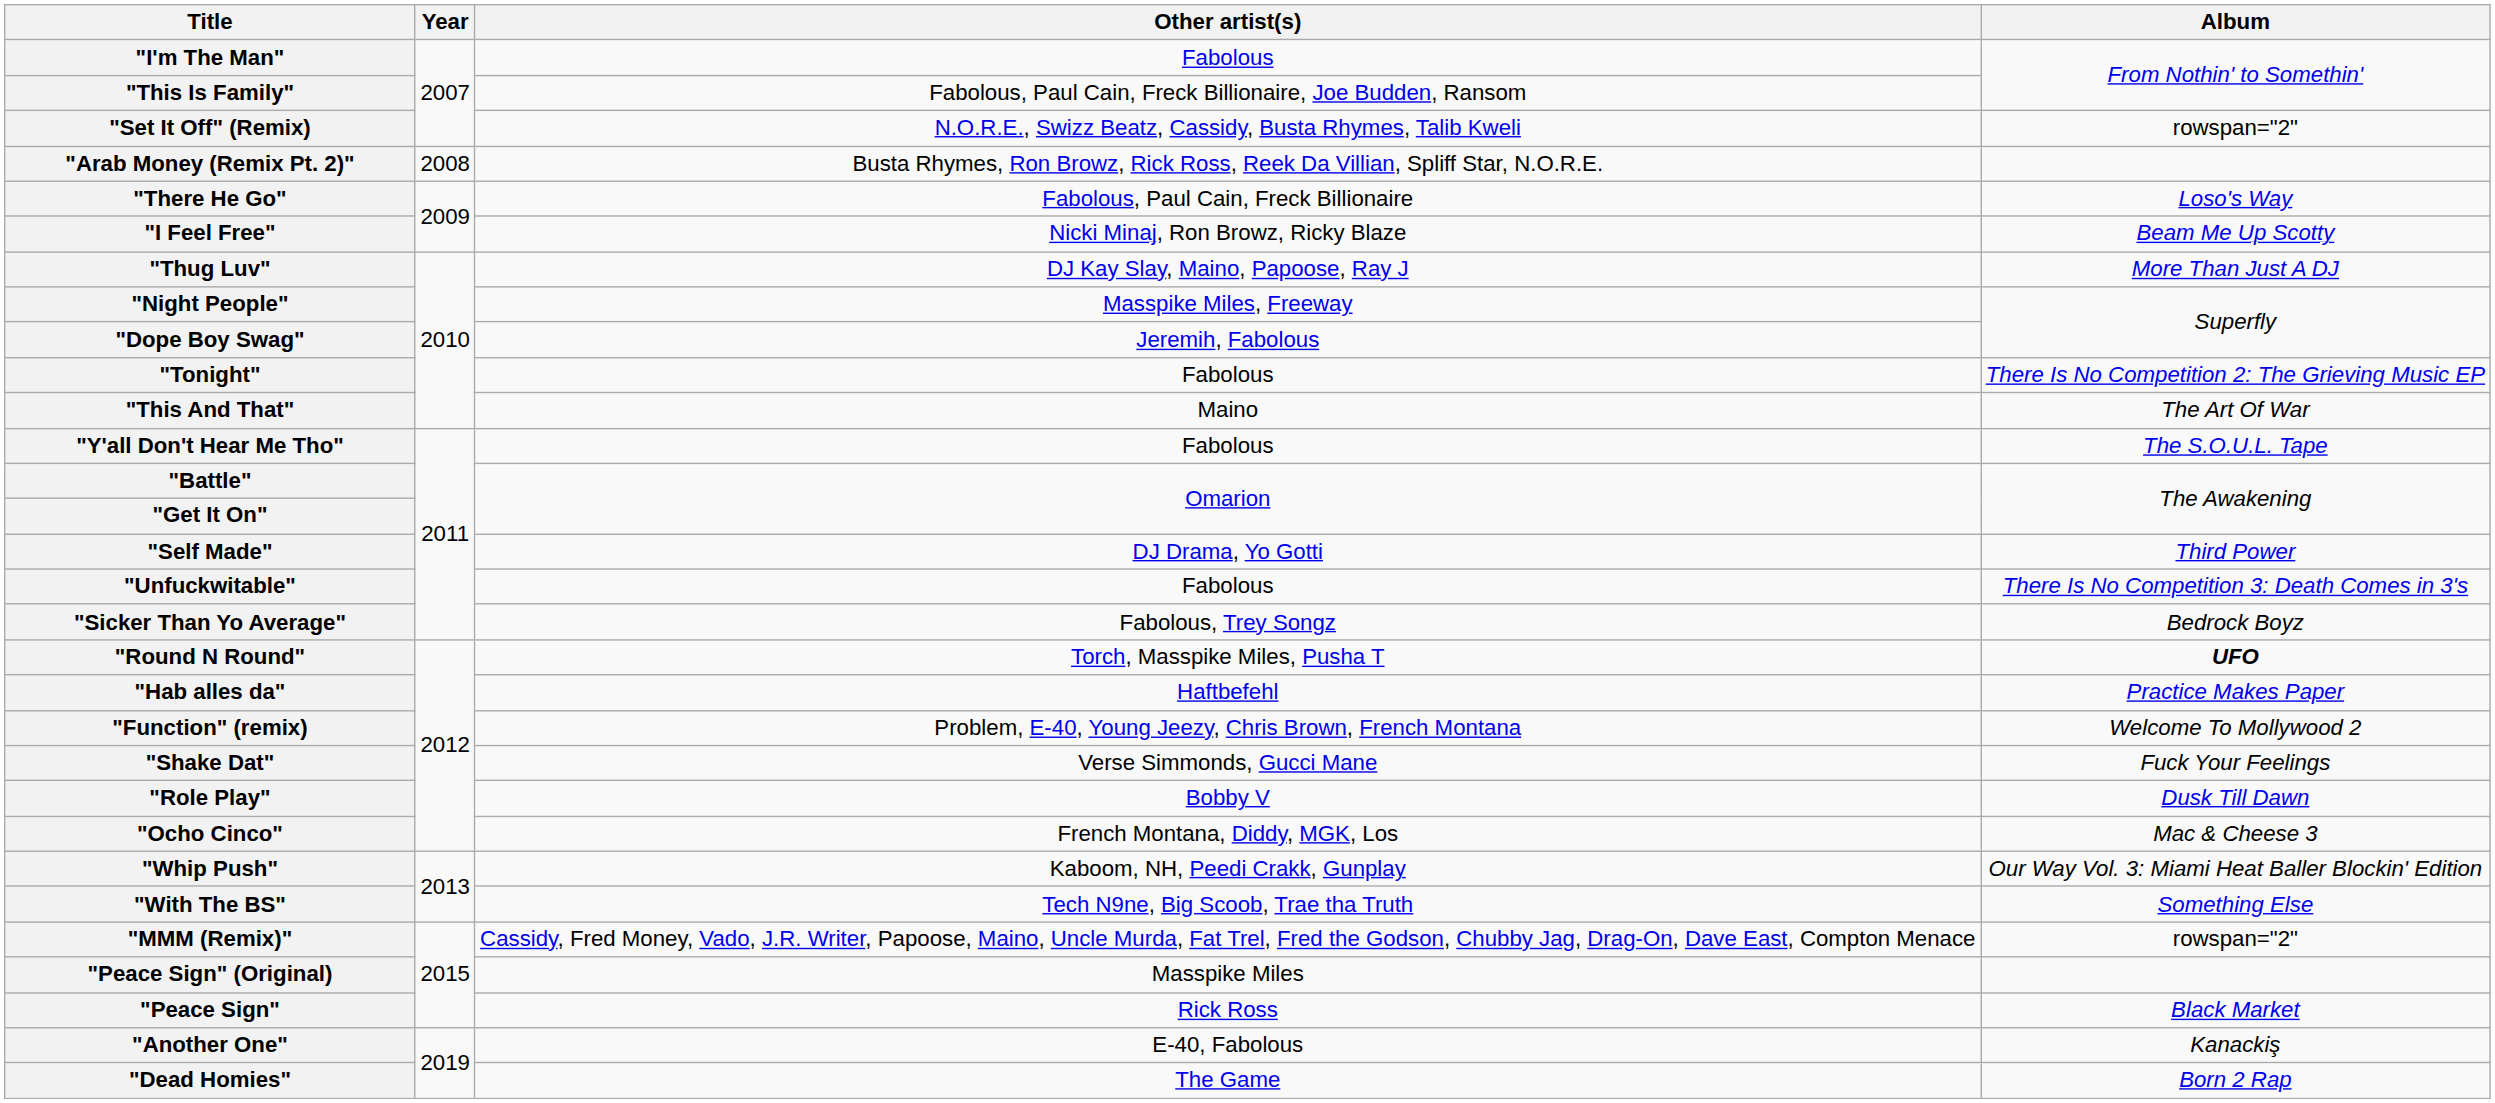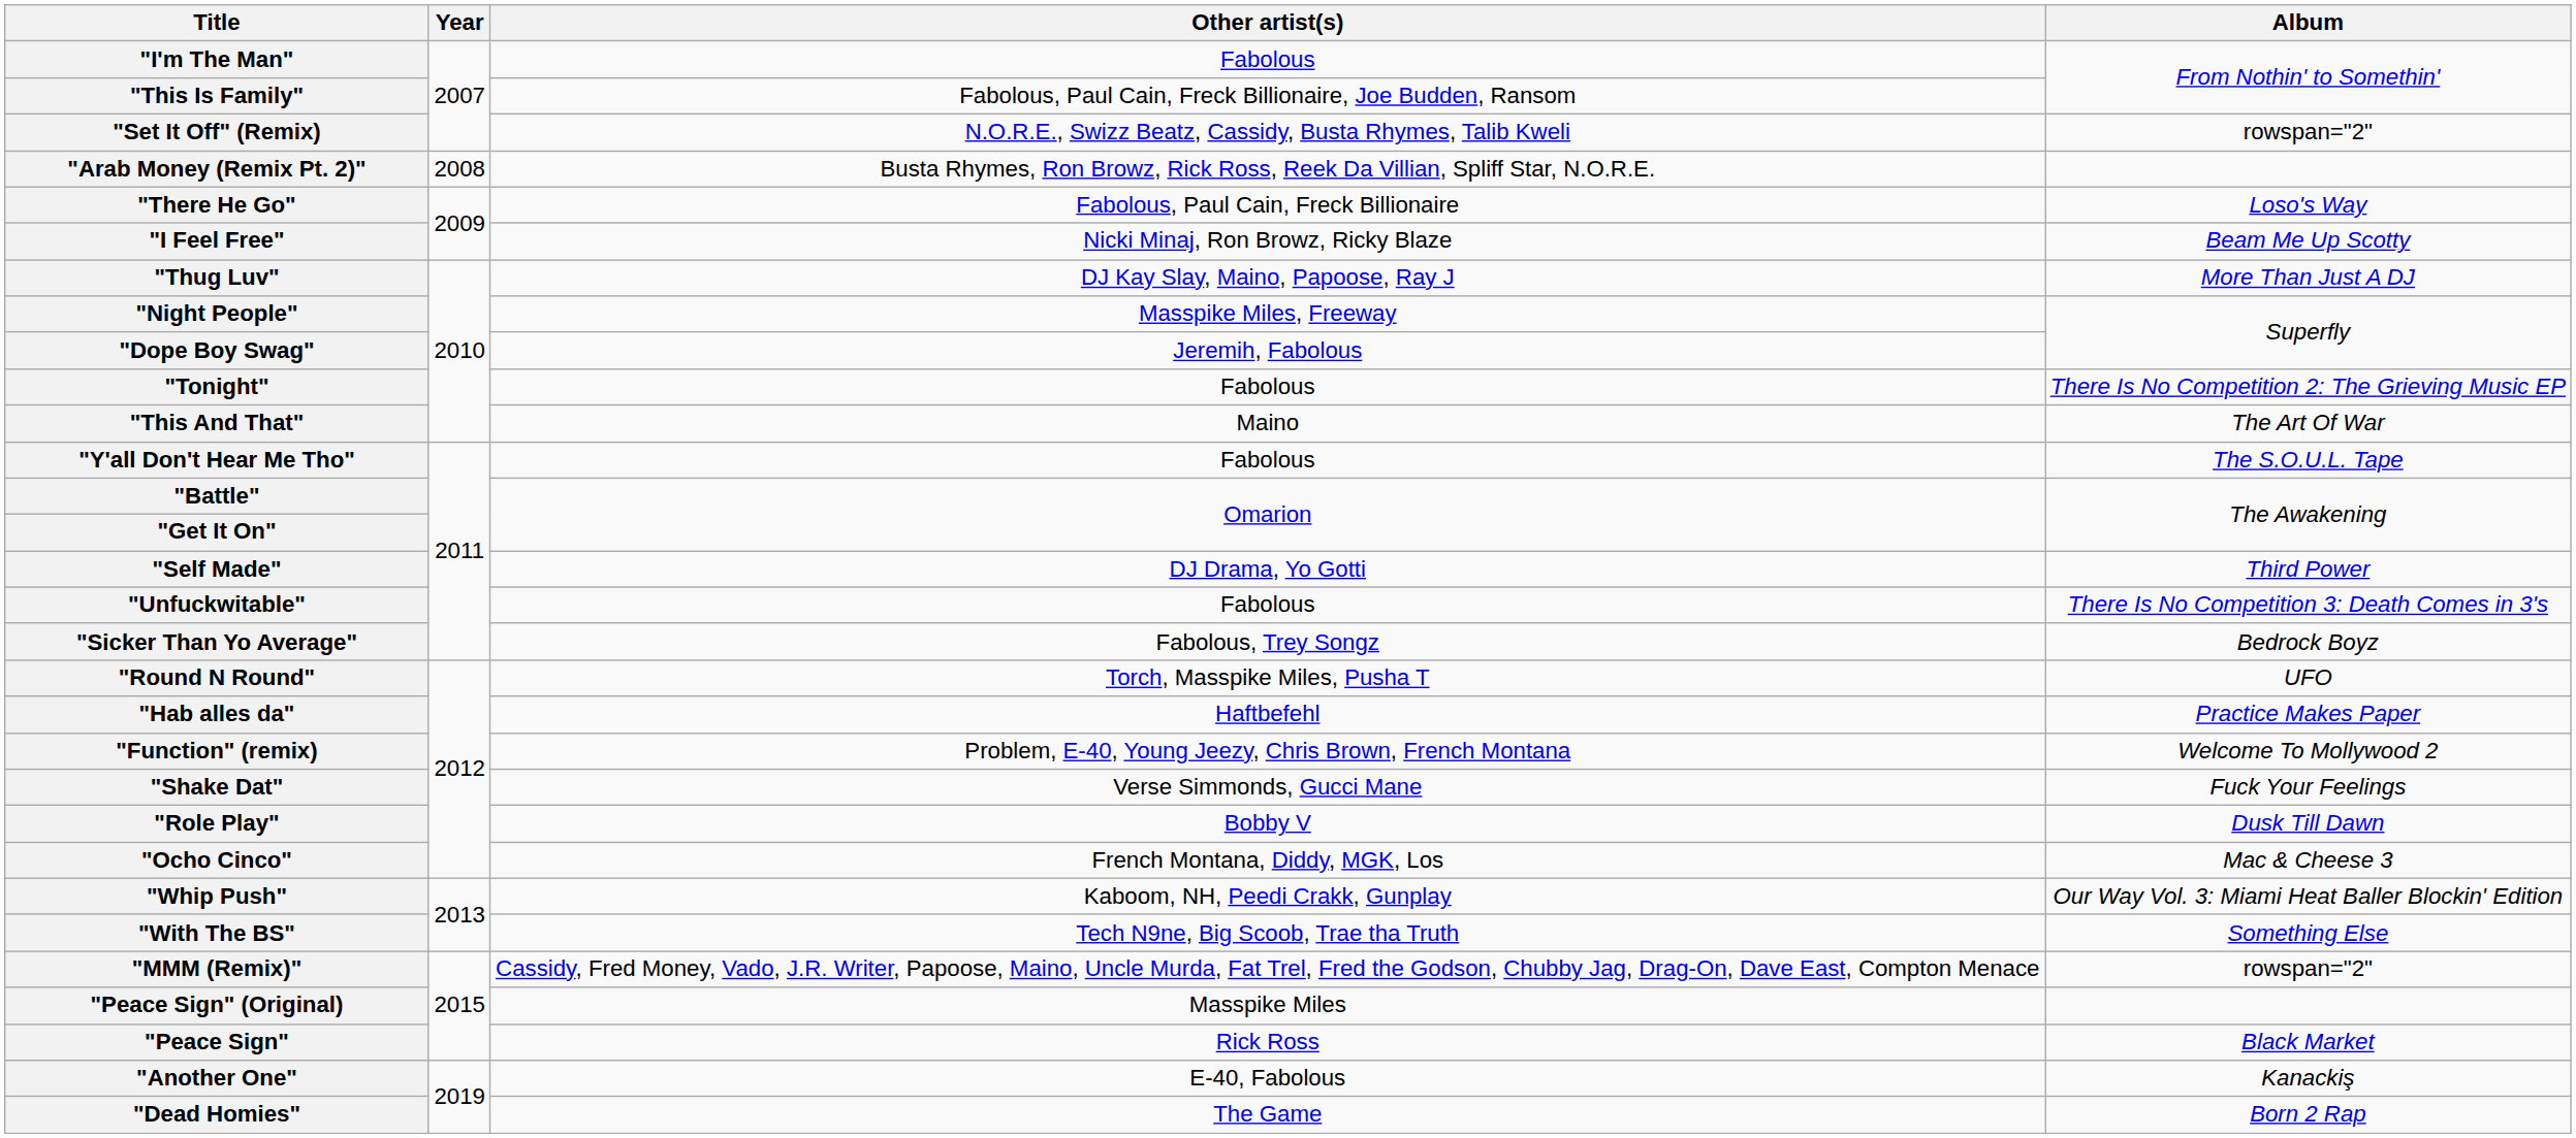 <table class="wikitable plainrowheaders" style="text-align:center;">
 <tr>
 <th scope="col" style="width:18em;">Title</th>
 <th scope="col">Year</th>
 <th scope="col">Other artist(s)</th>
 <th scope="col">Album</th>
 </tr>
 <tr>
 <th scope="row">"I'm The Man"</th>
 <td rowspan="3">2007</td>
 <td><a href='#'>Fabolous</a></td>
 <td rowspan="2"><em><a href='#'>From Nothin' to Somethin'</a></em></td>
 </tr>
 <tr>
 <th scope="row">"This Is Family"</th>
 <td>Fabolous, Paul Cain, Freck Billionaire, <a href='#'>Joe Budden</a>, Ransom</td>
 </tr>
 <tr>
 <th scope="row">"Set It Off" (Remix)</th>
 <td><a href='#'>N.O.R.E.</a>, <a href='#'>Swizz Beatz</a>, <a href='#'>Cassidy</a>, <a href='#'>Busta Rhymes</a>, <a href='#'>Talib Kweli</a></td>
 <td>rowspan="2" </td>
 </tr>
 <tr>
 <th scope="row">"Arab Money (Remix Pt. 2)"</th>
 <td>2008</td>
 <td>Busta Rhymes, <a href='#'>Ron Browz</a>, <a href='#'>Rick Ross</a>, <a href='#'>Reek Da Villian</a>, Spliff Star, N.O.R.E.</td>
 </tr>
 <tr>
 <th scope="row">"There He Go"</th>
 <td rowspan="2">2009</td>
 <td><a href='#'>Fabolous</a>, Paul Cain, Freck Billionaire</td>
 <td><em><a href='#'>Loso's Way</a></em></td>
 </tr>
 <tr>
 <th scope="row">"I Feel Free"</th>
 <td><a href='#'>Nicki Minaj</a>, Ron Browz, Ricky Blaze</td>
 <td><em><a href='#'>Beam Me Up Scotty</a></em></td>
 </tr>
 <tr>
 <th scope="row">"Thug Luv"</th>
 <td rowspan="5">2010</td>
 <td><a href='#'>DJ Kay Slay</a>, <a href='#'>Maino</a>, <a href='#'>Papoose</a>, <a href='#'>Ray J</a></td>
 <td><em><a href='#'>More Than Just A DJ</a></em></td>
 </tr>
 <tr>
 <th scope="row">"Night People"</th>
 <td><a href='#'>Masspike Miles</a>, <a href='#'>Freeway</a></td>
 <td rowspan="2"><em>Superfly</em></td>
 </tr>
 <tr>
 <th scope="row">"Dope Boy Swag"</th>
 <td><a href='#'>Jeremih</a>, <a href='#'>Fabolous</a></td>
 </tr>
 <tr>
 <th scope="row">"Tonight"</th>
 <td>Fabolous</td>
 <td><em><a href='#'>There Is No Competition 2: The Grieving Music EP</a></em></td>
 </tr>
 <tr>
 <th scope="row">"This And That"</th>
 <td>Maino</td>
 <td><em>The Art Of War</em></td>
 </tr>
 <tr>
 <th scope="row">"Y'all Don't Hear Me Tho"</th>
 <td rowspan="6" style="text-align:center;">2011</td>
 <td>Fabolous</td>
 <td><em><a href='#'>The S.O.U.L. Tape</a></em></td>
 </tr>
 <tr>
 <th scope="row">"Battle"</th>
 <td rowspan="2"><a href='#'>Omarion</a></td>
 <td rowspan="2"><em>The Awakening</em></td>
 </tr>
 <tr>
 <th scope="row">"Get It On"</th>
 </tr>
 <tr>
 <th scope="row">"Self Made"</th>
 <td><a href='#'>DJ Drama</a>, <a href='#'>Yo Gotti</a></td>
 <td><em><a href='#'>Third Power</a></em></td>
 </tr>
 <tr>
 <th scope="row">"Unfuckwitable"</th>
 <td>Fabolous</td>
 <td><em><a href='#'>There Is No Competition 3: Death Comes in 3's</a></em></td>
 </tr>
 <tr>
 <th scope="row">"Sicker Than Yo Average"</th>
 <td>Fabolous, <a href='#'>Trey Songz</a></td>
 <td><em>Bedrock Boyz</em></td>
 </tr>
 <tr>
 <th scope="row">"Round N Round"</th>
 <td rowspan="6">2012</td>
 <td><a href='#'>Torch</a>, Masspike Miles, <a href='#'>Pusha T</a></td>
-<td><strong><em>UFO</em></strong></td>
+<td><em>UFO</em></td>
 </tr>
 <tr>
 <th scope="row">"Hab alles da"</th>
 <td><a href='#'>Haftbefehl</a></td>
 <td><em><a href='#'>Practice Makes Paper</a></em></td>
 </tr>
 <tr>
 <th scope="row">"Function" (remix)</th>
 <td>Problem, <a href='#'>E-40</a>, <a href='#'>Young Jeezy</a>, <a href='#'>Chris Brown</a>, <a href='#'>French Montana</a></td>
 <td><em>Welcome To Mollywood 2</em></td>
 </tr>
 <tr>
 <th scope="row">"Shake Dat"</th>
 <td>Verse Simmonds, <a href='#'>Gucci Mane</a></td>
 <td><em>Fuck Your Feelings</em></td>
 </tr>
 <tr>
 <th scope="row">"Role Play"</th>
 <td><a href='#'>Bobby V</a></td>
 <td><em><a href='#'>Dusk Till Dawn</a></em></td>
 </tr>
 <tr>
 <th scope="row">"Ocho Cinco"</th>
 <td>French Montana, <a href='#'>Diddy</a>, <a href='#'>MGK</a>, Los</td>
 <td><em>Mac & Cheese 3</em></td>
 </tr>
 <tr>
 <th scope="row">"Whip Push"</th>
 <td rowspan="2">2013</td>
 <td>Kaboom, NH, <a href='#'>Peedi Crakk</a>, <a href='#'>Gunplay</a></td>
 <td><em>Our Way Vol. 3: Miami Heat Baller Blockin' Edition</em></td>
 </tr>
 <tr>
 <th scope="row">"With The BS"</th>
 <td><a href='#'>Tech N9ne</a>, <a href='#'>Big Scoob</a>, <a href='#'>Trae tha Truth</a></td>
 <td><em><a href='#'>Something Else</a></em></td>
 </tr>
 <tr>
 <th scope="row">"MMM (Remix)"</th>
 <td rowspan="3">2015</td>
 <td><a href='#'>Cassidy</a>, Fred Money, <a href='#'>Vado</a>, <a href='#'>J.R. Writer</a>, Papoose, <a href='#'>Maino</a>, <a href='#'>Uncle Murda</a>, <a href='#'>Fat Trel</a>, <a href='#'>Fred the Godson</a>, <a href='#'>Chubby Jag</a>, <a href='#'>Drag-On</a>, <a href='#'>Dave East</a>, Compton Menace</td>
 <td>rowspan="2" </td>
 </tr>
 <tr>
 <th scope="row">"Peace Sign" (Original)</th>
 <td>Masspike Miles</td>
 </tr>
 <tr>
 <th scope="row">"Peace Sign"</th>
 <td><a href='#'>Rick Ross</a></td>
 <td><em><a href='#'>Black Market</a></em></td>
 </tr>
 <tr>
 <th scope="row">"Another One"</th>
 <td rowspan="2">2019</td>
 <td>E-40, Fabolous</td>
 <td><em>Kanackiş</em></td>
 </tr>
 <tr>
 <th scope="row">"Dead Homies"</th>
 <td><a href='#'>The Game</a></td>
 <td><em><a href='#'>Born 2 Rap</a></em></td>
 </tr>
 <tr>
 </tr>
 </table>
